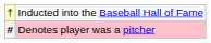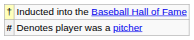 <table class="wikitable" style="font-size:100%;">
 <tr>
 <td style="background-color:#ffffbb">†</td>
 <td>Inducted into the <a href='#'>Baseball Hall of Fame</a></td>
 </tr>
 <tr>
 <th scope="row">#</th>
-<td style="background: pink;">Denotes player was a <a href='#'>pitcher</a></td>
+<td>Denotes player was a <a href='#'>pitcher</a></td>
 </tr>
 </table>
